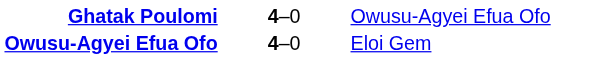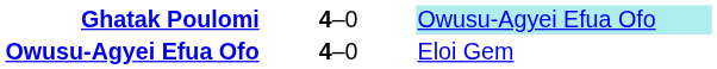 <table>
 <tr>
 <th width=200></th>
 <th width=100></th>
 <th width=200></th>
 </tr>
 <tr>
 <td align=right><strong><a href='#'>Ghatak Poulomi</a> </strong></td>
 <td align=center><strong>4</strong>–0</td>
-<td> <a href='#'>Owusu-Agyei Efua Ofo</a></td>
+<td style="background: paleturquoise;"> <a href='#'>Owusu-Agyei Efua Ofo</a></td>
 </tr>
 <tr>
 <td align=right><strong><a href='#'>Owusu-Agyei Efua Ofo</a> </strong></td>
 <td align=center><strong>4</strong>–0</td>
 <td> <a href='#'>Eloi Gem</a></td>
 </tr>
 </table>
